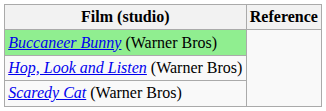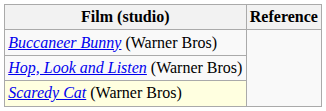 <table class="wikitable">
 <tr>
 <th>Film (studio)</th>
 <th>Reference</th>
 </tr>
 <tr>
-<td style="background: lightgreen;"><em><a href='#'>Buccaneer Bunny</a></em> (Warner Bros)</td>
+<td><em><a href='#'>Buccaneer Bunny</a></em> (Warner Bros)</td>
 <td rowspan="3"></td>
 </tr>
 <tr>
 <td><em><a href='#'>Hop, Look and Listen</a></em> (Warner Bros)</td>
 </tr>
 <tr>
-<td><em><a href='#'>Scaredy Cat</a></em> (Warner Bros)</td>
+<td style="background: lightyellow;"><em><a href='#'>Scaredy Cat</a></em> (Warner Bros)</td>
 </tr>
 </table>
